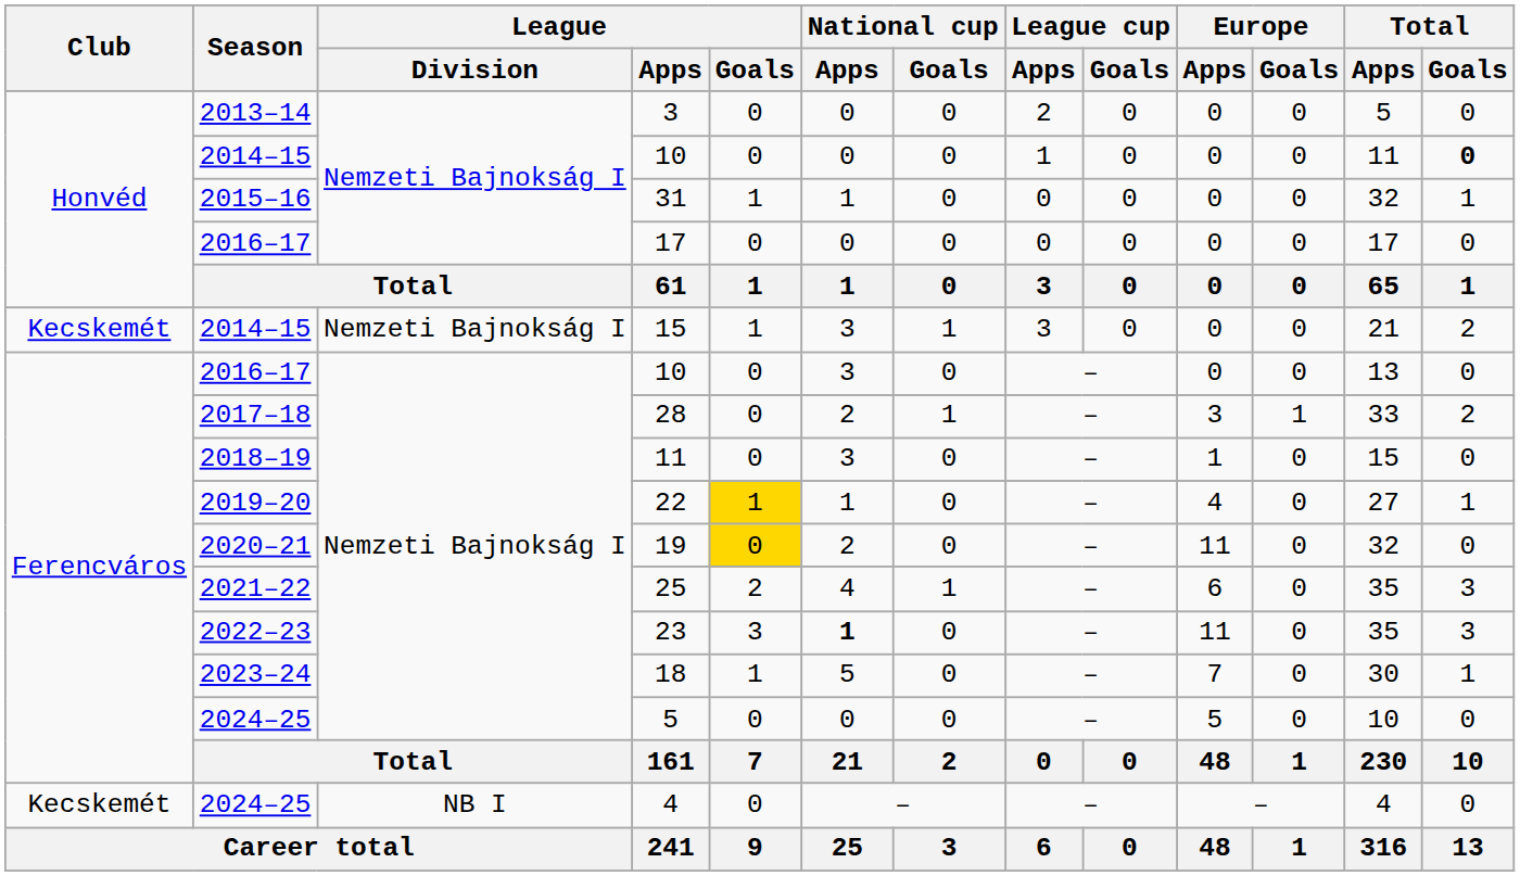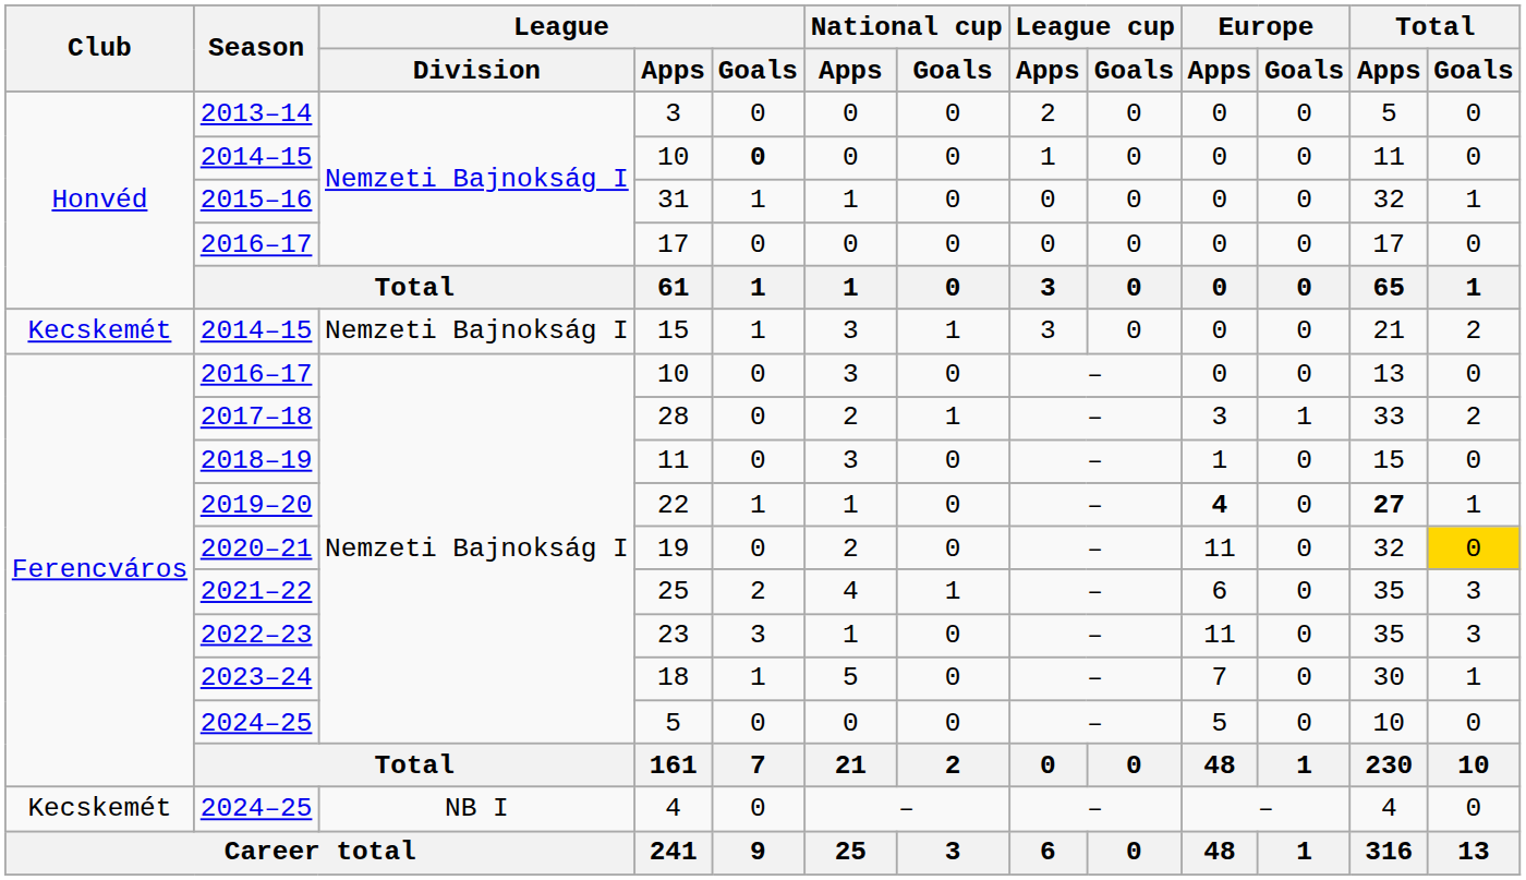 <table class="wikitable" style="text-align:center">
 <tr>
 <th rowspan="2">Club</th>
 <th rowspan="2">Season</th>
 <th colspan="3">League</th>
 <th colspan="2">National cup</th>
 <th colspan="2">League cup</th>
 <th colspan="2">Europe</th>
 <th colspan="2">Total</th>
 </tr>
 <tr>
 <th>Division</th>
 <th>Apps</th>
 <th>Goals</th>
 <th>Apps</th>
 <th>Goals</th>
 <th>Apps</th>
 <th>Goals</th>
 <th>Apps</th>
 <th>Goals</th>
 <th>Apps</th>
 <th>Goals</th>
 </tr>
 <tr>
 <td rowspan="5"><a href='#'>Honvéd</a></td>
 <td><a href='#'>2013–14</a></td>
 <td rowspan="4"><a href='#'>Nemzeti Bajnokság I</a></td>
 <td>3</td>
 <td>0</td>
 <td>0</td>
 <td>0</td>
 <td>2</td>
 <td>0</td>
 <td>0</td>
 <td>0</td>
 <td>5</td>
 <td>0</td>
 </tr>
 <tr>
 <td><a href='#'>2014–15</a></td>
 <td>10</td>
-<td>0</td>
+<td><strong>0</strong></td>
 <td>0</td>
 <td>0</td>
 <td>1</td>
 <td>0</td>
 <td>0</td>
 <td>0</td>
 <td>11</td>
-<td><strong>0</strong></td>
+<td>0</td>
 </tr>
 <tr>
 <td><a href='#'>2015–16</a></td>
 <td>31</td>
 <td>1</td>
 <td>1</td>
 <td>0</td>
 <td>0</td>
 <td>0</td>
 <td>0</td>
 <td>0</td>
 <td>32</td>
 <td>1</td>
 </tr>
 <tr>
 <td><a href='#'>2016–17</a></td>
 <td>17</td>
 <td>0</td>
 <td>0</td>
 <td>0</td>
 <td>0</td>
 <td>0</td>
 <td>0</td>
 <td>0</td>
 <td>17</td>
 <td>0</td>
 </tr>
 <tr>
 <th colspan="2">Total</th>
 <th>61</th>
 <th>1</th>
 <th>1</th>
 <th>0</th>
 <th>3</th>
 <th>0</th>
 <th>0</th>
 <th>0</th>
 <th>65</th>
 <th>1</th>
 </tr>
 <tr>
 <td><a href='#'>Kecskemét</a></td>
 <td><a href='#'>2014–15</a></td>
 <td>Nemzeti Bajnokság I</td>
 <td>15</td>
 <td>1</td>
 <td>3</td>
 <td>1</td>
 <td>3</td>
 <td>0</td>
 <td>0</td>
 <td>0</td>
 <td>21</td>
 <td>2</td>
 </tr>
 <tr>
 <td rowspan="10"><a href='#'>Ferencváros</a></td>
 <td><a href='#'>2016–17</a></td>
 <td rowspan="9">Nemzeti Bajnokság I</td>
 <td>10</td>
 <td>0</td>
 <td>3</td>
 <td>0</td>
 <td colspan="2">–</td>
 <td>0</td>
 <td>0</td>
 <td>13</td>
 <td>0</td>
 </tr>
 <tr>
 <td><a href='#'>2017–18</a></td>
 <td>28</td>
 <td>0</td>
 <td>2</td>
 <td>1</td>
 <td colspan="2">–</td>
 <td>3</td>
 <td>1</td>
 <td>33</td>
 <td>2</td>
 </tr>
 <tr>
 <td><a href='#'>2018–19</a></td>
 <td>11</td>
 <td>0</td>
 <td>3</td>
 <td>0</td>
 <td colspan="2">–</td>
 <td>1</td>
 <td>0</td>
 <td>15</td>
 <td>0</td>
 </tr>
 <tr>
 <td><a href='#'>2019–20</a></td>
 <td>22</td>
-<td style="background: gold;">1</td>
+<td>1</td>
 <td>1</td>
 <td>0</td>
 <td colspan="2">–</td>
-<td>4</td>
+<td><strong>4</strong></td>
 <td>0</td>
-<td>27</td>
+<td><strong>27</strong></td>
 <td>1</td>
 </tr>
 <tr>
 <td><a href='#'>2020–21</a></td>
 <td>19</td>
-<td style="background: gold;">0</td>
+<td>0</td>
 <td>2</td>
 <td>0</td>
 <td colspan="2">–</td>
 <td>11</td>
 <td>0</td>
 <td>32</td>
-<td>0</td>
+<td style="background: gold;">0</td>
 </tr>
 <tr>
 <td><a href='#'>2021–22</a></td>
 <td>25</td>
 <td>2</td>
 <td>4</td>
 <td>1</td>
 <td colspan="2">–</td>
 <td>6</td>
 <td>0</td>
 <td>35</td>
 <td>3</td>
 </tr>
 <tr>
 <td><a href='#'>2022–23</a></td>
 <td>23</td>
 <td>3</td>
-<td><strong>1</strong></td>
+<td>1</td>
 <td>0</td>
 <td colspan="2">–</td>
 <td>11</td>
 <td>0</td>
 <td>35</td>
 <td>3</td>
 </tr>
 <tr>
 <td><a href='#'>2023–24</a></td>
 <td>18</td>
 <td>1</td>
 <td>5</td>
 <td>0</td>
 <td colspan="2">–</td>
 <td>7</td>
 <td>0</td>
 <td>30</td>
 <td>1</td>
 </tr>
 <tr>
 <td><a href='#'>2024–25</a></td>
 <td>5</td>
 <td>0</td>
 <td>0</td>
 <td>0</td>
 <td colspan="2">–</td>
 <td>5</td>
 <td>0</td>
 <td>10</td>
 <td>0</td>
 </tr>
 <tr>
 <th colspan="2">Total</th>
 <th>161</th>
 <th>7</th>
 <th>21</th>
 <th>2</th>
 <th>0</th>
 <th>0</th>
 <th>48</th>
 <th>1</th>
 <th>230</th>
 <th>10</th>
 </tr>
 <tr>
 <td>Kecskemét</td>
 <td><a href='#'>2024–25</a></td>
 <td>NB I</td>
 <td>4</td>
 <td>0</td>
 <td colspan="2">–</td>
 <td colspan="2">–</td>
 <td colspan="2">–</td>
 <td>4</td>
 <td>0</td>
 </tr>
 <tr>
 <th colspan="3">Career total</th>
 <th>241</th>
 <th>9</th>
 <th>25</th>
 <th>3</th>
 <th>6</th>
 <th>0</th>
 <th>48</th>
 <th>1</th>
 <th>316</th>
 <th>13</th>
 </tr>
 </table>
